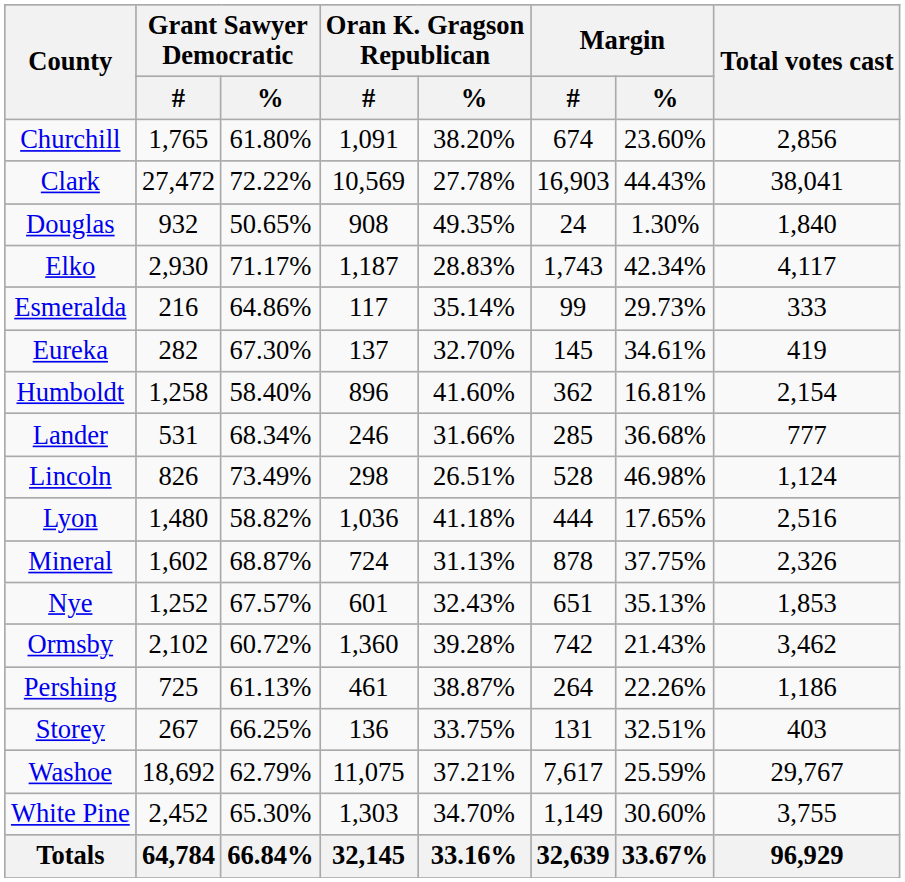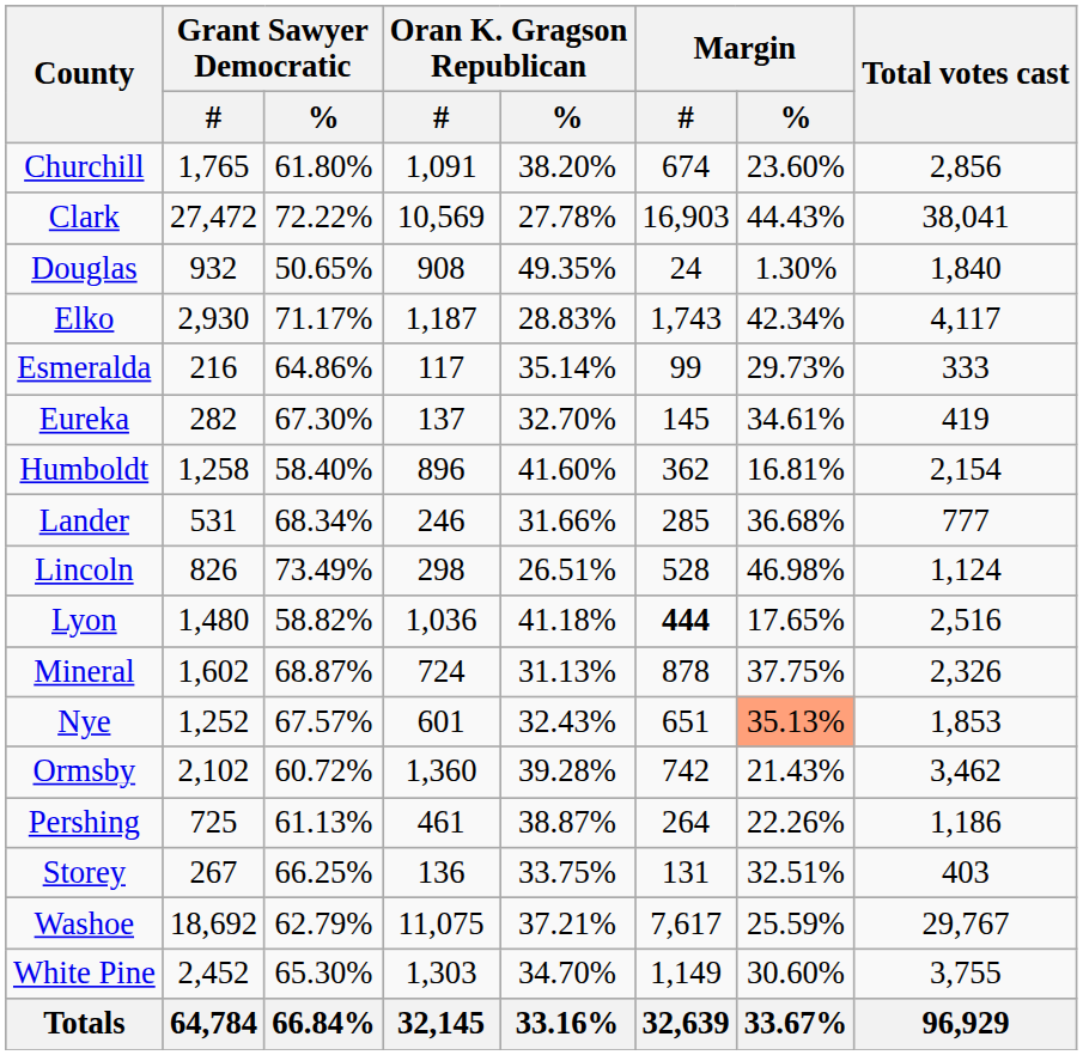 <table class="wikitable sortable" style="text-align:center">
 <tr>
 <th rowspan="2">County</th>
 <th style="text-align:center;" colspan="2">Grant Sawyer<br>Democratic</th>
 <th style="text-align:center;" colspan="2">Oran K. Gragson<br>Republican</th>
 <th style="text-align:center;" colspan="2">Margin</th>
 <th style="text-align:center;" rowspan="2">Total votes cast</th>
 </tr>
 <tr>
 <th style="text-align:center;" data-sort-type="number">#</th>
 <th style="text-align:center;" data-sort-type="number">%</th>
 <th style="text-align:center;" data-sort-type="number">#</th>
 <th style="text-align:center;" data-sort-type="number">%</th>
 <th style="text-align:center;" data-sort-type="number">#</th>
 <th style="text-align:center;" data-sort-type="number">%</th>
 </tr>
 <tr style="text-align:center;">
 <td><a href='#'>Churchill</a></td>
 <td>1,765</td>
 <td>61.80%</td>
 <td>1,091</td>
 <td>38.20%</td>
 <td>674</td>
 <td>23.60%</td>
 <td>2,856</td>
 </tr>
 <tr style="text-align:center;">
 <td><a href='#'>Clark</a></td>
 <td>27,472</td>
 <td>72.22%</td>
 <td>10,569</td>
 <td>27.78%</td>
 <td>16,903</td>
 <td>44.43%</td>
 <td>38,041</td>
 </tr>
 <tr style="text-align:center;">
 <td><a href='#'>Douglas</a></td>
 <td>932</td>
 <td>50.65%</td>
 <td>908</td>
 <td>49.35%</td>
 <td>24</td>
 <td>1.30%</td>
 <td>1,840</td>
 </tr>
 <tr style="text-align:center;">
 <td><a href='#'>Elko</a></td>
 <td>2,930</td>
 <td>71.17%</td>
 <td>1,187</td>
 <td>28.83%</td>
 <td>1,743</td>
 <td>42.34%</td>
 <td>4,117</td>
 </tr>
 <tr style="text-align:center;">
 <td><a href='#'>Esmeralda</a></td>
 <td>216</td>
 <td>64.86%</td>
 <td>117</td>
 <td>35.14%</td>
 <td>99</td>
 <td>29.73%</td>
 <td>333</td>
 </tr>
 <tr style="text-align:center;">
 <td><a href='#'>Eureka</a></td>
 <td>282</td>
 <td>67.30%</td>
 <td>137</td>
 <td>32.70%</td>
 <td>145</td>
 <td>34.61%</td>
 <td>419</td>
 </tr>
 <tr style="text-align:center;">
 <td><a href='#'>Humboldt</a></td>
 <td>1,258</td>
 <td>58.40%</td>
 <td>896</td>
 <td>41.60%</td>
 <td>362</td>
 <td>16.81%</td>
 <td>2,154</td>
 </tr>
 <tr style="text-align:center;">
 <td><a href='#'>Lander</a></td>
 <td>531</td>
 <td>68.34%</td>
 <td>246</td>
 <td>31.66%</td>
 <td>285</td>
 <td>36.68%</td>
 <td>777</td>
 </tr>
 <tr style="text-align:center;">
 <td><a href='#'>Lincoln</a></td>
 <td>826</td>
 <td>73.49%</td>
 <td>298</td>
 <td>26.51%</td>
 <td>528</td>
 <td>46.98%</td>
 <td>1,124</td>
 </tr>
 <tr style="text-align:center;">
 <td><a href='#'>Lyon</a></td>
 <td>1,480</td>
 <td>58.82%</td>
 <td>1,036</td>
 <td>41.18%</td>
-<td>444</td>
+<td><strong>444</strong></td>
 <td>17.65%</td>
 <td>2,516</td>
 </tr>
 <tr style="text-align:center;">
 <td><a href='#'>Mineral</a></td>
 <td>1,602</td>
 <td>68.87%</td>
 <td>724</td>
 <td>31.13%</td>
 <td>878</td>
 <td>37.75%</td>
 <td>2,326</td>
 </tr>
 <tr style="text-align:center;">
 <td><a href='#'>Nye</a></td>
 <td>1,252</td>
 <td>67.57%</td>
 <td>601</td>
 <td>32.43%</td>
 <td>651</td>
-<td>35.13%</td>
+<td style="background: lightsalmon;">35.13%</td>
 <td>1,853</td>
 </tr>
 <tr style="text-align:center;">
 <td><a href='#'>Ormsby</a></td>
 <td>2,102</td>
 <td>60.72%</td>
 <td>1,360</td>
 <td>39.28%</td>
 <td>742</td>
 <td>21.43%</td>
 <td>3,462</td>
 </tr>
 <tr style="text-align:center;">
 <td><a href='#'>Pershing</a></td>
 <td>725</td>
 <td>61.13%</td>
 <td>461</td>
 <td>38.87%</td>
 <td>264</td>
 <td>22.26%</td>
 <td>1,186</td>
 </tr>
 <tr style="text-align:center;">
 <td><a href='#'>Storey</a></td>
 <td>267</td>
 <td>66.25%</td>
 <td>136</td>
 <td>33.75%</td>
 <td>131</td>
 <td>32.51%</td>
 <td>403</td>
 </tr>
 <tr style="text-align:center;">
 <td><a href='#'>Washoe</a></td>
 <td>18,692</td>
 <td>62.79%</td>
 <td>11,075</td>
 <td>37.21%</td>
 <td>7,617</td>
 <td>25.59%</td>
 <td>29,767</td>
 </tr>
 <tr style="text-align:center;">
 <td><a href='#'>White Pine</a></td>
 <td>2,452</td>
 <td>65.30%</td>
 <td>1,303</td>
 <td>34.70%</td>
 <td>1,149</td>
 <td>30.60%</td>
 <td>3,755</td>
 </tr>
 <tr style="text-align:center;">
 <th>Totals</th>
 <th>64,784</th>
 <th>66.84%</th>
 <th>32,145</th>
 <th>33.16%</th>
 <th>32,639</th>
 <th>33.67%</th>
 <th>96,929</th>
 </tr>
 </table>
